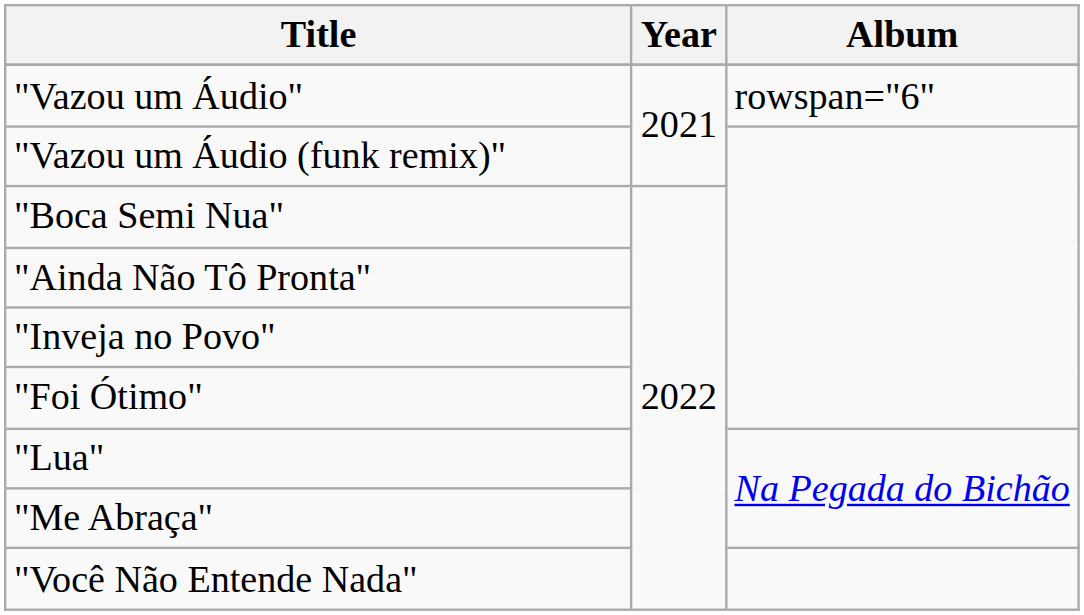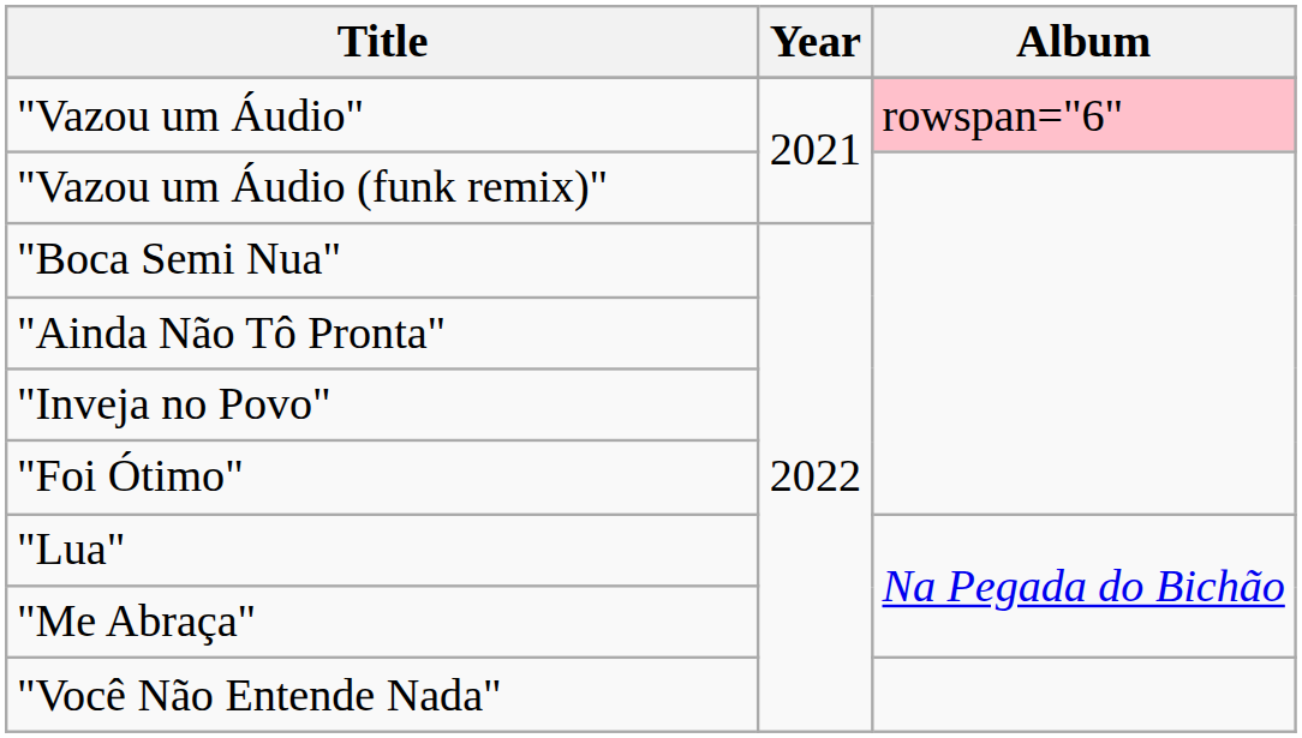 <table class="wikitable">
 <tr>
 <th style="width:16em;">Title</th>
 <th>Year</th>
 <th>Album</th>
 </tr>
 <tr>
 </tr>
 <tr>
 <td>"Vazou um Áudio" </td>
 <td rowspan="2">2021</td>
-<td>rowspan="6" </td>
+<td style="background: pink;">rowspan="6" </td>
 </tr>
 <tr>
 <td>"Vazou um Áudio (funk remix)" </td>
 </tr>
 <tr>
 <td>"Boca Semi Nua" </td>
 <td rowspan="7">2022</td>
 </tr>
 <tr>
 <td>"Ainda Não Tô Pronta" </td>
 </tr>
 <tr>
 <td>"Inveja no Povo" </td>
 </tr>
 <tr>
 <td>"Foi Ótimo" </td>
 </tr>
 <tr>
 <td>"Lua"</td>
 <td rowspan="2" style="text-align:center;"><em><a href='#'>Na Pegada do Bichão</a></em></td>
 </tr>
 <tr>
 <td>"Me Abraça" </td>
 </tr>
 <tr>
 <td>"Você Não Entende Nada"</td>
 <td></td>
 </tr>
 </table>
